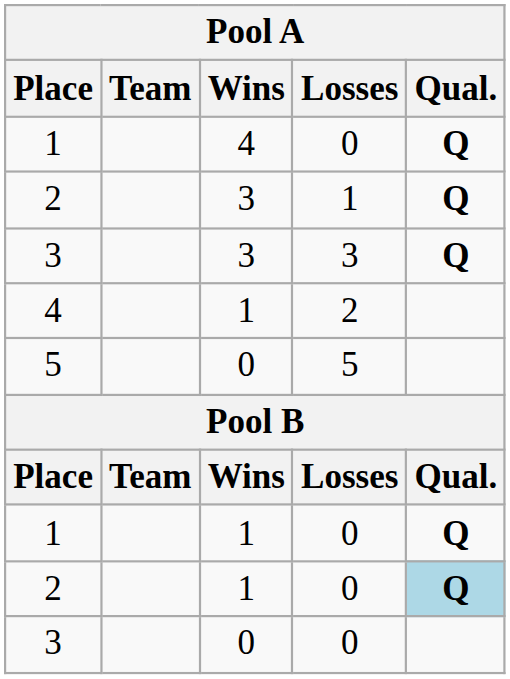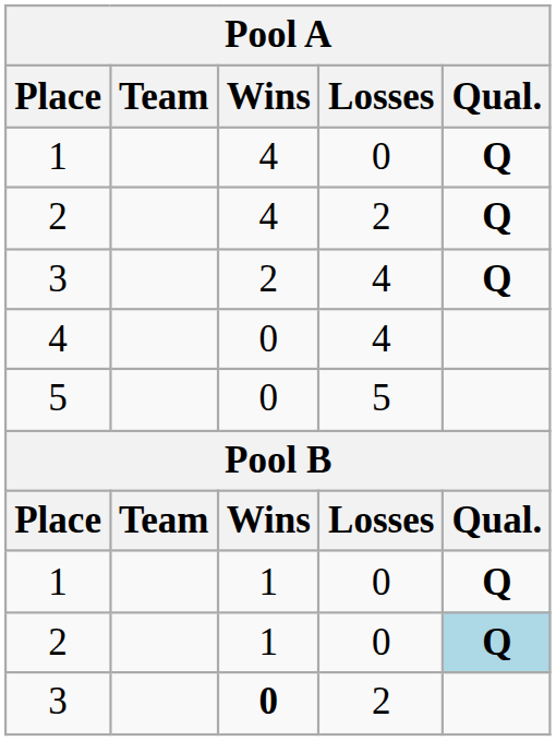 <table class=wikitable style="text-align:center">
 <tr>
 <th colspan=5>Pool A</th>
 </tr>
 <tr>
 <th>Place</th>
 <th>Team</th>
 <th>Wins</th>
 <th>Losses</th>
 <th>Qual.</th>
 </tr>
 <tr>
 <td>1</td>
 <td align=left></td>
 <td>4</td>
 <td>0</td>
 <td><strong>Q</strong></td>
 </tr>
 <tr>
 <td>2</td>
 <td align=left></td>
-<td>3</td>
-<td>1</td>
+<td>4</td>
+<td>2</td>
 <td><strong>Q</strong></td>
 </tr>
 <tr>
 <td>3</td>
 <td align=left></td>
-<td>3</td>
-<td>3</td>
+<td>2</td>
+<td>4</td>
 <td><strong>Q</strong></td>
 </tr>
 <tr>
 <td>4</td>
 <td align=left></td>
-<td>1</td>
-<td>2</td>
+<td>0</td>
+<td>4</td>
 <td></td>
 </tr>
 <tr>
 <td>5</td>
 <td align=left></td>
 <td>0</td>
 <td>5</td>
 <td></td>
 </tr>
 <tr>
 <th colspan=5>Pool B</th>
 </tr>
 <tr>
 <th>Place</th>
 <th>Team</th>
 <th>Wins</th>
 <th>Losses</th>
 <th>Qual.</th>
 </tr>
 <tr>
 <td>1</td>
 <td align=left></td>
 <td>1</td>
 <td>0</td>
 <td><strong>Q</strong></td>
 </tr>
 <tr>
 <td>2</td>
 <td align=left></td>
 <td>1</td>
 <td>0</td>
 <td style="background: lightblue;"><strong>Q</strong></td>
 </tr>
 <tr>
 <td>3</td>
 <td align=left></td>
-<td>0</td>
-<td>0</td>
+<td><strong>0</strong></td>
+<td>2</td>
 <td></td>
 </tr>
 </table>
